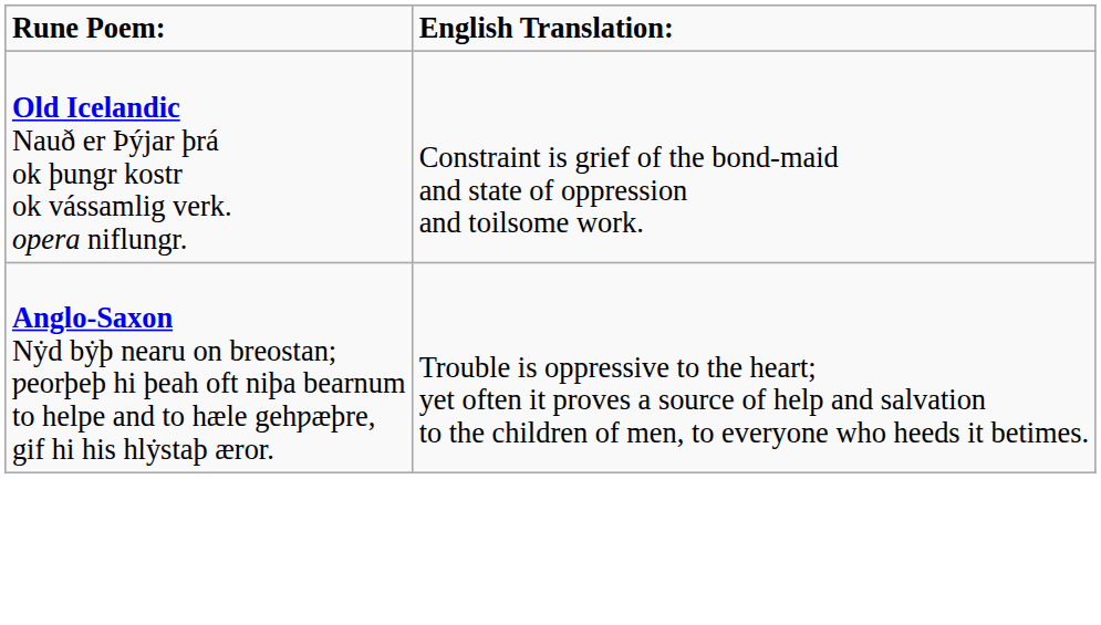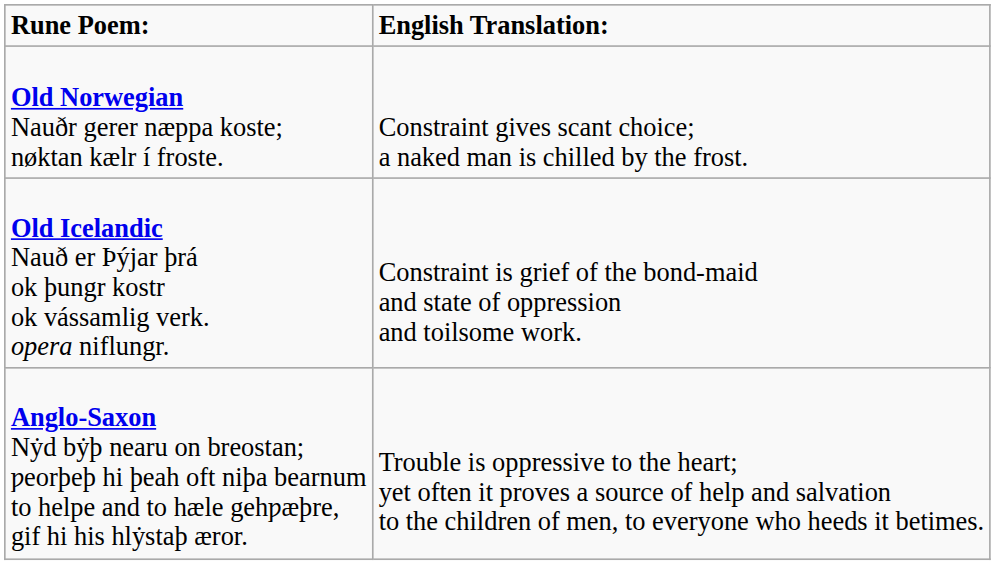 <table class="wikitable">
 <tr>
 <td><strong>Rune Poem:</strong></td>
 <td><strong>English Translation:</strong></td>
+</tr>
+<tr>
+<td><br><strong><a href='#'>Old Norwegian</a></strong> <br> Nauðr gerer næppa koste; <br>nøktan kælr í froste.</td>
+<td><br><br>Constraint gives scant choice; <br>a naked man is chilled by the frost.</td>
 </tr>
 <tr>
 <td><br><strong><a href='#'>Old Icelandic</a></strong> <br> Nauð er Þýjar þrá <br>ok þungr kostr <br>ok vássamlig verk. <br><em>opera</em> niflungr.</td>
 <td><br><br>Constraint is grief of the bond-maid <br>and state of oppression <br>and toilsome work.</td>
 </tr>
 <tr>
 <td><br><strong><a href='#'>Anglo-Saxon</a></strong> <br> Nẏd bẏþ nearu on breostan; <br> ƿeorþeþ hi þeah oft niþa bearnum <br>to helpe and to hæle gehƿæþre,  <br>gif hi his hlẏstaþ æror.</td>
 <td><br><br>Trouble is oppressive to the heart; <br>yet often it proves a source of help and salvation <br>to the children of men, to everyone who heeds it betimes.</td>
 </tr>
 </table>
